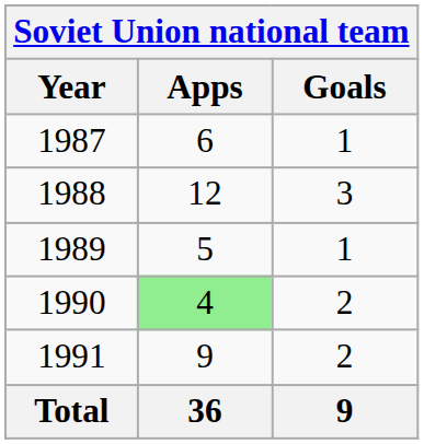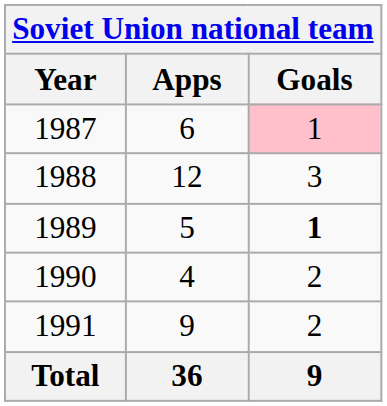 <table class="wikitable" style="text-align:center">
 <tr>
 <th colspan="3"><a href='#'>Soviet Union national team</a></th>
 </tr>
 <tr>
 <th>Year</th>
 <th>Apps</th>
 <th>Goals</th>
 </tr>
 <tr>
 <td>1987</td>
 <td>6</td>
-<td>1</td>
+<td style="background: pink;">1</td>
 </tr>
 <tr>
 <td>1988</td>
 <td>12</td>
 <td>3</td>
 </tr>
 <tr>
 <td>1989</td>
 <td>5</td>
-<td>1</td>
+<td><strong>1</strong></td>
 </tr>
 <tr>
 <td>1990</td>
-<td style="background: lightgreen;">4</td>
+<td>4</td>
 <td>2</td>
 </tr>
 <tr>
 <td>1991</td>
 <td>9</td>
 <td>2</td>
 </tr>
 <tr>
 <th>Total</th>
 <th>36</th>
 <th>9</th>
 </tr>
 </table>
